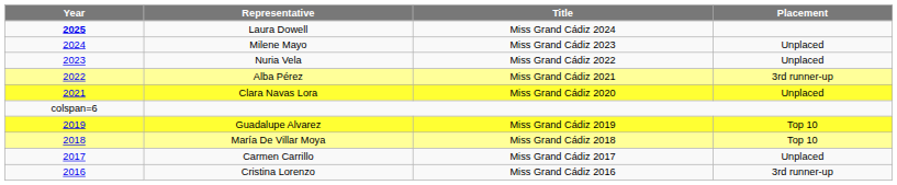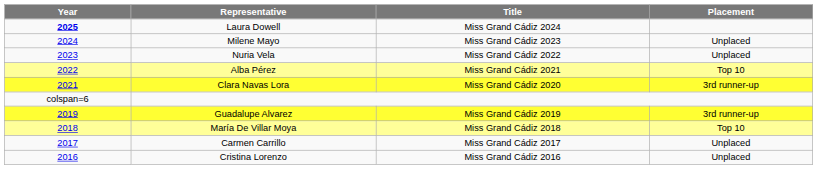 <table class="wikitable" style="font-size: 90%; text-align:center; width:100%">
 <tr>
 <th style="background-color:#787878;color:#FFFFFF;">Year</th>
 <th style="background-color:#787878;color:#FFFFFF;">Representative</th>
 <th style="background-color:#787878;color:#FFFFFF;">Title</th>
 <th style="background-color:#787878;color:#FFFFFF;">Placement</th>
 </tr>
 <tr>
 <td><strong><a href='#'>2025</a></strong></td>
 <td>Laura Dowell</td>
 <td>Miss Grand Cádiz 2024</td>
 </tr>
 <tr>
 <td><a href='#'>2024</a></td>
 <td>Milene Mayo</td>
 <td>Miss Grand Cádiz 2023</td>
 <td>Unplaced</td>
 </tr>
 <tr>
 <td><a href='#'>2023</a></td>
 <td>Nuria Vela</td>
 <td>Miss Grand Cádiz 2022</td>
 <td>Unplaced</td>
 </tr>
 <tr bgcolor=#FFFF99>
 <td><a href='#'>2022</a></td>
 <td>Alba Pérez</td>
 <td>Miss Grand Cádiz 2021</td>
-<td>3rd runner-up</td>
+<td>Top 10</td>
 </tr>
 <tr bgcolor=#FFFF33>
 <td><a href='#'>2021</a></td>
 <td>Clara Navas Lora</td>
 <td>Miss Grand Cádiz 2020</td>
-<td>Unplaced</td>
+<td>3rd runner-up</td>
 </tr>
 <tr>
 <td>colspan=6 </td>
 </tr>
 <tr bgcolor=#FFFF33>
 <td><a href='#'>2019</a></td>
 <td>Guadalupe Alvarez</td>
 <td>Miss Grand Cádiz 2019</td>
-<td>Top 10</td>
+<td>3rd runner-up</td>
 </tr>
 <tr bgcolor=#FFFF99>
 <td><a href='#'>2018</a></td>
 <td>María De Villar Moya</td>
 <td>Miss Grand Cádiz 2018</td>
 <td>Top 10</td>
 </tr>
 <tr>
 <td><a href='#'>2017</a></td>
 <td>Carmen Carrillo</td>
 <td>Miss Grand Cádiz 2017</td>
 <td>Unplaced</td>
 </tr>
 <tr>
 <td><a href='#'>2016</a></td>
 <td>Cristina Lorenzo</td>
 <td>Miss Grand Cádiz 2016</td>
-<td>3rd runner-up</td>
+<td>Unplaced</td>
 </tr>
 </table>
